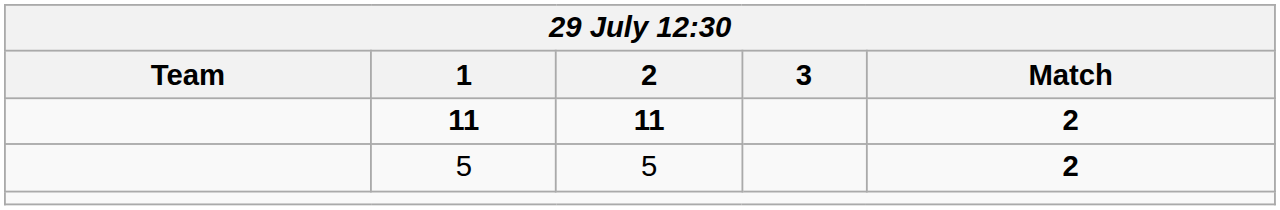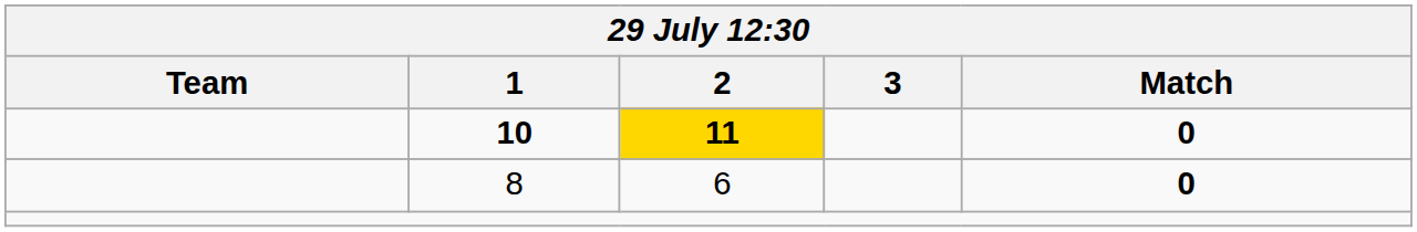 <table class=wikitable style="text-align:center; width: 55%">
 <tr>
 <th colspan=10><em>29 July 12:30</em></th>
 </tr>
 <tr>
 <th>Team</th>
 <th>1</th>
 <th>2</th>
 <th>3</th>
 <th>Match</th>
 </tr>
 <tr>
 <td align=left><strong><br></strong></td>
-<td><strong>11</strong></td>
-<td><strong>11</strong></td>
+<td><strong>10</strong></td>
+<td style="background: gold;"><strong>11</strong></td>
 <td></td>
-<td><strong>2</strong></td>
+<td><strong>0</strong></td>
 </tr>
 <tr>
 <td align=left><br></td>
-<td>5</td>
-<td>5</td>
+<td>8</td>
+<td>6</td>
 <td></td>
-<td><strong>2</strong></td>
+<td><strong>0</strong></td>
 </tr>
 <tr>
 <td colspan=10></td>
 </tr>
 </table>
